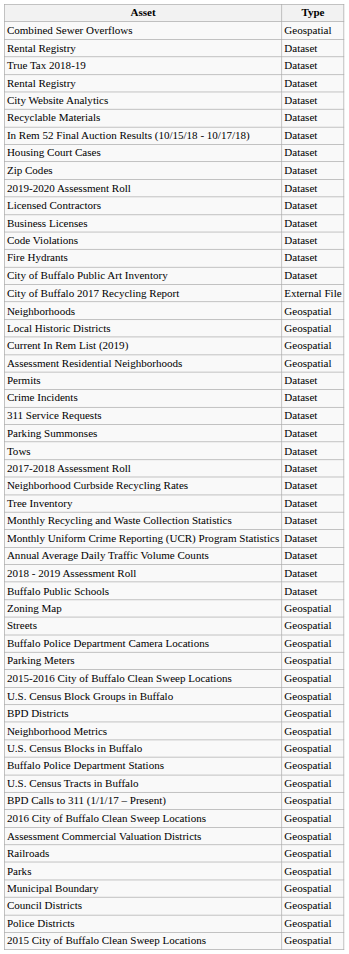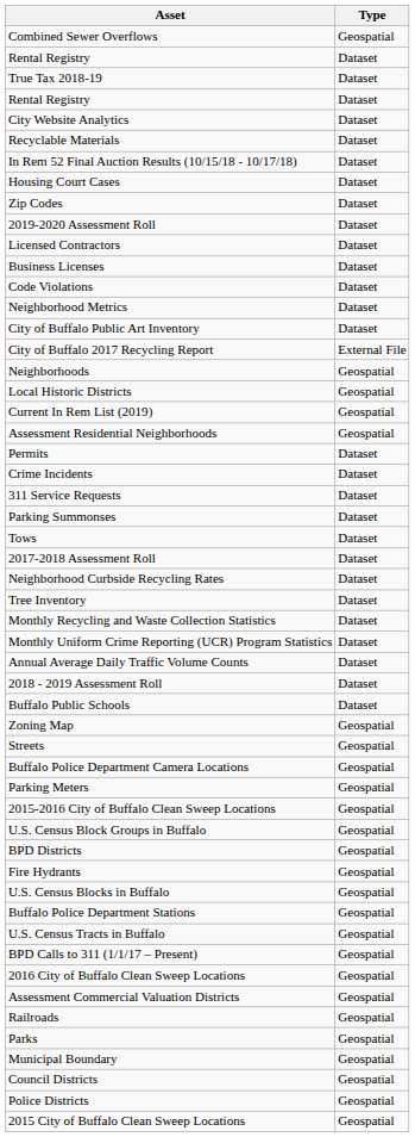 <table class="wikitable sortable">
 <tr>
 <th>Asset</th>
 <th>Type</th>
 </tr>
 <tr>
 <td>Combined Sewer Overflows</td>
 <td>Geospatial</td>
 </tr>
 <tr>
 <td>Rental Registry</td>
 <td>Dataset</td>
 </tr>
 <tr>
 <td>True Tax 2018-19</td>
 <td>Dataset</td>
 </tr>
 <tr>
 <td>Rental Registry</td>
 <td>Dataset</td>
 </tr>
 <tr>
 <td>City Website Analytics</td>
 <td>Dataset</td>
 </tr>
 <tr>
 <td>Recyclable Materials</td>
 <td>Dataset</td>
 </tr>
 <tr>
 <td>In Rem 52 Final Auction Results (10/15/18 - 10/17/18)</td>
 <td>Dataset</td>
 </tr>
 <tr>
 <td>Housing Court Cases</td>
 <td>Dataset</td>
 </tr>
 <tr>
 <td>Zip Codes</td>
 <td>Dataset</td>
 </tr>
 <tr>
 <td>2019-2020 Assessment Roll</td>
 <td>Dataset</td>
 </tr>
 <tr>
 <td>Licensed Contractors</td>
 <td>Dataset</td>
 </tr>
 <tr>
 <td>Business Licenses</td>
 <td>Dataset</td>
 </tr>
 <tr>
 <td>Code Violations</td>
 <td>Dataset</td>
 </tr>
 <tr>
-<td>Fire Hydrants</td>
+<td>Neighborhood Metrics</td>
 <td>Dataset</td>
 </tr>
 <tr>
 <td>City of Buffalo Public Art Inventory</td>
 <td>Dataset</td>
 </tr>
 <tr>
 <td>City of Buffalo 2017 Recycling Report</td>
 <td>External File</td>
 </tr>
 <tr>
 <td>Neighborhoods</td>
 <td>Geospatial</td>
 </tr>
 <tr>
 <td>Local Historic Districts</td>
 <td>Geospatial</td>
 </tr>
 <tr>
 <td>Current In Rem List (2019)</td>
 <td>Geospatial</td>
 </tr>
 <tr>
 <td>Assessment Residential Neighborhoods</td>
 <td>Geospatial</td>
 </tr>
 <tr>
 <td>Permits</td>
 <td>Dataset</td>
 </tr>
 <tr>
 <td>Crime Incidents</td>
 <td>Dataset</td>
 </tr>
 <tr>
 <td>311 Service Requests</td>
 <td>Dataset</td>
 </tr>
 <tr>
 <td>Parking Summonses</td>
 <td>Dataset</td>
 </tr>
 <tr>
 <td>Tows</td>
 <td>Dataset</td>
 </tr>
 <tr>
 <td>2017-2018 Assessment Roll</td>
 <td>Dataset</td>
 </tr>
 <tr>
 <td>Neighborhood Curbside Recycling Rates</td>
 <td>Dataset</td>
 </tr>
 <tr>
 <td>Tree Inventory</td>
 <td>Dataset</td>
 </tr>
 <tr>
 <td>Monthly Recycling and Waste Collection Statistics</td>
 <td>Dataset</td>
 </tr>
 <tr>
 <td>Monthly Uniform Crime Reporting (UCR) Program Statistics</td>
 <td>Dataset</td>
 </tr>
 <tr>
 <td>Annual Average Daily Traffic Volume Counts</td>
 <td>Dataset</td>
 </tr>
 <tr>
 <td>2018 - 2019 Assessment Roll</td>
 <td>Dataset</td>
 </tr>
 <tr>
 <td>Buffalo Public Schools</td>
 <td>Dataset</td>
 </tr>
 <tr>
 <td>Zoning Map</td>
 <td>Geospatial</td>
 </tr>
 <tr>
 <td>Streets</td>
 <td>Geospatial</td>
 </tr>
 <tr>
 <td>Buffalo Police Department Camera Locations</td>
 <td>Geospatial</td>
 </tr>
 <tr>
 <td>Parking Meters</td>
 <td>Geospatial</td>
 </tr>
 <tr>
 <td>2015-2016 City of Buffalo Clean Sweep Locations</td>
 <td>Geospatial</td>
 </tr>
 <tr>
 <td>U.S. Census Block Groups in Buffalo</td>
 <td>Geospatial</td>
 </tr>
 <tr>
 <td>BPD Districts</td>
 <td>Geospatial</td>
 </tr>
 <tr>
-<td>Neighborhood Metrics</td>
+<td>Fire Hydrants</td>
 <td>Geospatial</td>
 </tr>
 <tr>
 <td>U.S. Census Blocks in Buffalo</td>
 <td>Geospatial</td>
 </tr>
 <tr>
 <td>Buffalo Police Department Stations</td>
 <td>Geospatial</td>
 </tr>
 <tr>
 <td>U.S. Census Tracts in Buffalo</td>
 <td>Geospatial</td>
 </tr>
 <tr>
 <td>BPD Calls to 311 (1/1/17 – Present)</td>
 <td>Geospatial</td>
 </tr>
 <tr>
 <td>2016 City of Buffalo Clean Sweep Locations</td>
 <td>Geospatial</td>
 </tr>
 <tr>
 <td>Assessment Commercial Valuation Districts</td>
 <td>Geospatial</td>
 </tr>
 <tr>
 <td>Railroads</td>
 <td>Geospatial</td>
 </tr>
 <tr>
 <td>Parks</td>
 <td>Geospatial</td>
 </tr>
 <tr>
 <td>Municipal Boundary</td>
 <td>Geospatial</td>
 </tr>
 <tr>
 <td>Council Districts</td>
 <td>Geospatial</td>
 </tr>
 <tr>
 <td>Police Districts</td>
 <td>Geospatial</td>
 </tr>
 <tr>
 <td>2015 City of Buffalo Clean Sweep Locations</td>
 <td>Geospatial</td>
 </tr>
 </table>
